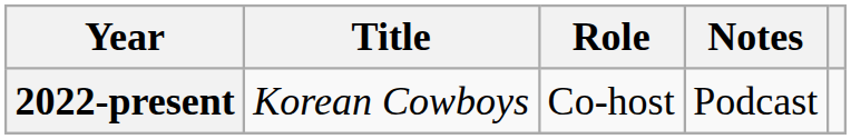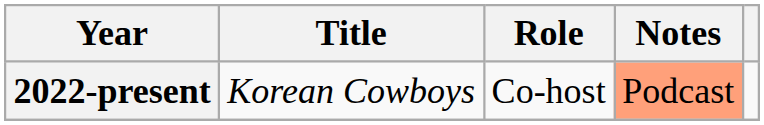 <table class="wikitable plainrowheaders">
 <tr>
 <th scope="col">Year</th>
 <th scope="col">Title</th>
 <th scope="col">Role</th>
 <th scope="col">Notes</th>
 <th scope="col" class="unsortable"></th>
 </tr>
 <tr>
 <th scope="row">2022-present</th>
 <td><em>Korean Cowboys</em></td>
 <td>Co-host</td>
-<td>Podcast</td>
+<td style="background: lightsalmon;">Podcast</td>
 <td></td>
 </tr>
 <tr>
 </tr>
 </table>
